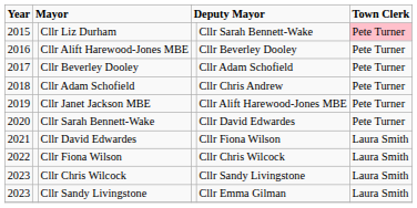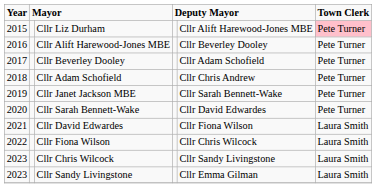 <table class="wikitable">
 <tr>
 <td><strong>Year</strong></td>
 <td width="150" colspan="2"><strong>Mayor</strong></td>
 <td width="150" colspan="2"><strong>Deputy Mayor</strong></td>
 <td><strong>Town Clerk</strong></td>
 </tr>
 <tr>
 <td>2015</td>
 <td style="color:inherit;background:"></td>
 <td>Cllr Liz Durham</td>
 <td style="color:inherit;background:"></td>
-<td>Cllr Sarah Bennett-Wake</td>
+<td>Cllr Alift Harewood-Jones MBE</td>
 <td style="background: pink;">Pete Turner</td>
 </tr>
 <tr>
 <td>2016 </td>
 <td style="color:inherit;background:"></td>
 <td>Cllr Alift Harewood-Jones MBE</td>
 <td style="color:inherit;background:"></td>
 <td>Cllr Beverley Dooley</td>
 <td>Pete Turner</td>
 </tr>
 <tr>
 <td>2017</td>
 <td style="color:inherit;background:"></td>
 <td>Cllr Beverley Dooley</td>
 <td style="color:inherit;background:"></td>
 <td>Cllr Adam Schofield</td>
 <td>Pete Turner</td>
 </tr>
 <tr>
 <td>2018 </td>
 <td style="color:inherit;background:"></td>
 <td>Cllr Adam Schofield</td>
 <td style="color:inherit;background:"></td>
 <td>Cllr Chris Andrew</td>
 <td>Pete Turner</td>
 </tr>
 <tr>
 <td>2019 </td>
 <td style="color:inherit;background:"></td>
 <td>Cllr Janet Jackson MBE</td>
 <td style="color:inherit;background:"></td>
-<td>Cllr Alift Harewood-Jones MBE</td>
+<td>Cllr Sarah Bennett-Wake</td>
 <td>Pete Turner</td>
 </tr>
 <tr>
 <td>2020</td>
 <td style="color:inherit;background:"></td>
 <td>Cllr Sarah Bennett-Wake</td>
 <td style="color:inherit;background:"></td>
 <td>Cllr David Edwardes</td>
 <td>Pete Turner</td>
 </tr>
 <tr>
 <td>2021</td>
 <td style="color:inherit;background:"></td>
 <td>Cllr David Edwardes</td>
 <td style="color:inherit;background:"></td>
 <td>Cllr Fiona Wilson</td>
 <td>Laura Smith</td>
 </tr>
 <tr>
 <td>2022</td>
 <td style="color:inherit;background:"></td>
 <td>Cllr Fiona Wilson</td>
 <td style="color:inherit;background:"></td>
 <td>Cllr Chris Wilcock</td>
 <td>Laura Smith</td>
 </tr>
 <tr>
 <td>2023</td>
 <td style="color:inherit;background:"></td>
 <td>Cllr Chris Wilcock</td>
 <td style="color:inherit;background:"></td>
 <td>Cllr Sandy Livingstone</td>
 <td>Laura Smith</td>
 </tr>
 <tr>
 <td>2023</td>
 <td style="color:inherit;background:"></td>
 <td>Cllr Sandy Livingstone</td>
 <td style="color:inherit;background:"></td>
 <td>Cllr Emma Gilman</td>
 <td>Laura Smith</td>
 </tr>
 <tr>
 </tr>
 </table>
